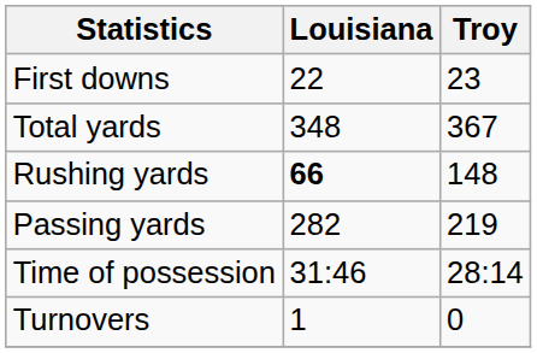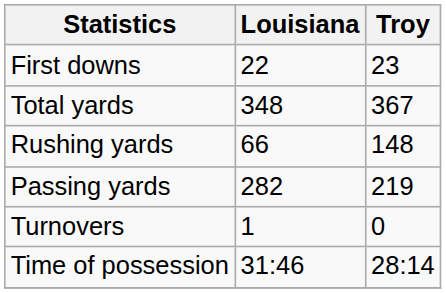 <table class="wikitable">
 <tr>
 <th>Statistics</th>
 <th>Louisiana</th>
 <th>Troy</th>
 </tr>
 <tr>
 <td>First downs</td>
 <td>22</td>
 <td>23</td>
 </tr>
 <tr>
 <td>Total yards</td>
 <td>348</td>
 <td>367</td>
 </tr>
 <tr>
 <td>Rushing yards</td>
-<td><strong>66</strong></td>
+<td>66</td>
 <td>148</td>
 </tr>
 <tr>
 <td>Passing yards</td>
 <td>282</td>
 <td>219</td>
 </tr>
 <tr>
+<td>Turnovers</td>
+<td>1</td>
+<td>0</td>
+</tr>
+<tr>
 <td>Time of possession</td>
 <td>31:46</td>
 <td>28:14</td>
 </tr>
 <tr>
-<td>Turnovers</td>
-<td>1</td>
-<td>0</td>
-</tr>
-<tr>
 </tr>
 </table>
